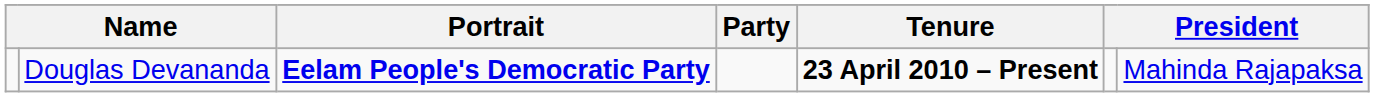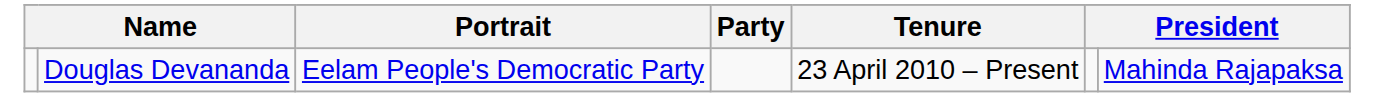 <table class="wikitable" style="margin:1em auto; font-size:90%; text-align:center;">
 <tr>
 <th colspan="2">Name</th>
 <th>Portrait</th>
 <th>Party</th>
 <th>Tenure</th>
 <th colspan="2"><a href='#'>President</a></th>
 </tr>
 <tr>
 <td !align="center" style="background:"></td>
 <td><a href='#'>Douglas Devananda</a></td>
-<td><strong><a href='#'>Eelam People's Democratic Party</a></strong></td>
+<td><a href='#'>Eelam People's Democratic Party</a></td>
 <td></td>
-<td><strong>23 April 2010 – Present</strong></td>
+<td>23 April 2010 – Present</td>
 <td !align="center" style="background:"></td>
 <td><a href='#'>Mahinda Rajapaksa</a></td>
 </tr>
 </table>
